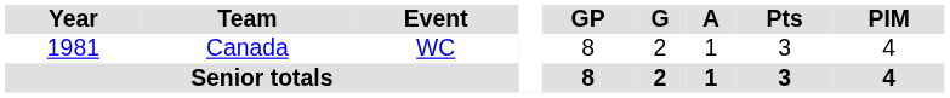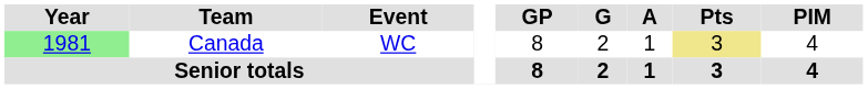 <table border="0" cellpadding="1" cellspacing="0" style="text-align:center; width:40em">
 <tr ALIGN="center" bgcolor="#e0e0e0">
 <th>Year</th>
 <th>Team</th>
 <th>Event</th>
 <th rowspan="99" bgcolor="#ffffff"> </th>
 <th>GP</th>
 <th>G</th>
 <th>A</th>
 <th>Pts</th>
 <th>PIM</th>
 </tr>
 <tr>
-<td><a href='#'>1981</a></td>
+<td style="background: lightgreen;"><a href='#'>1981</a></td>
 <td><a href='#'>Canada</a></td>
 <td><a href='#'>WC</a></td>
 <td>8</td>
 <td>2</td>
 <td>1</td>
-<td>3</td>
+<td style="background: khaki;">3</td>
 <td>4</td>
 </tr>
 <tr bgcolor="#e0e0e0">
 <th colspan=3>Senior totals</th>
 <th>8</th>
 <th>2</th>
 <th>1</th>
 <th>3</th>
 <th>4</th>
 </tr>
 </table>
